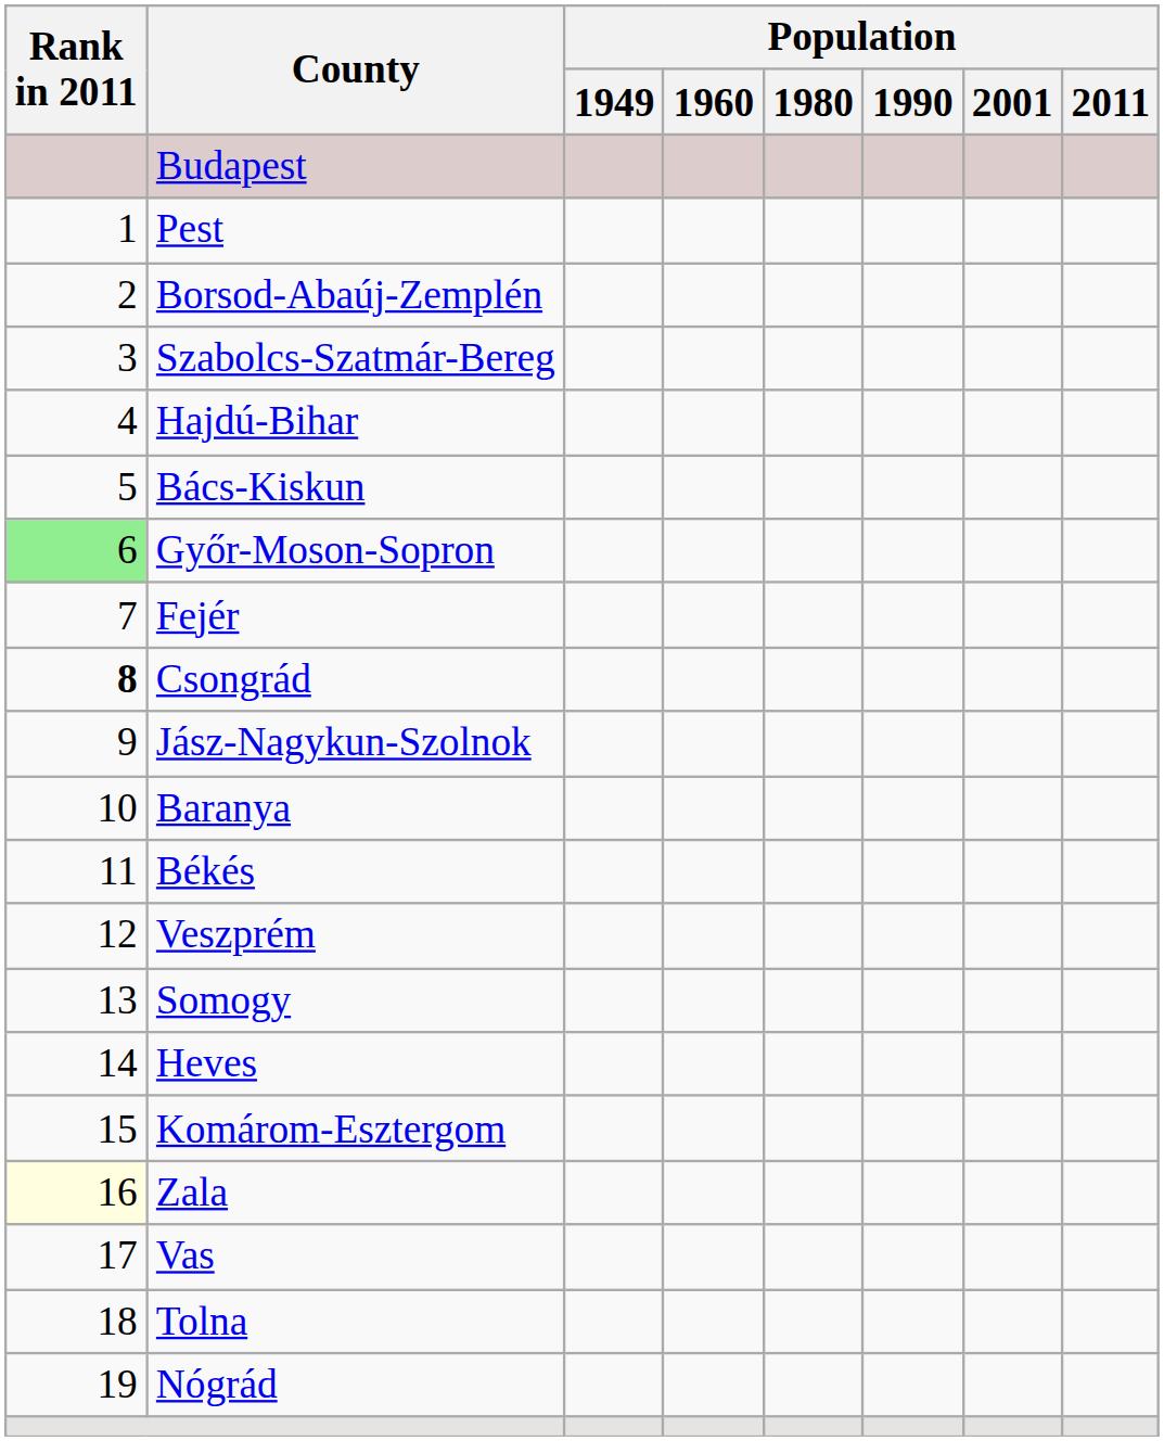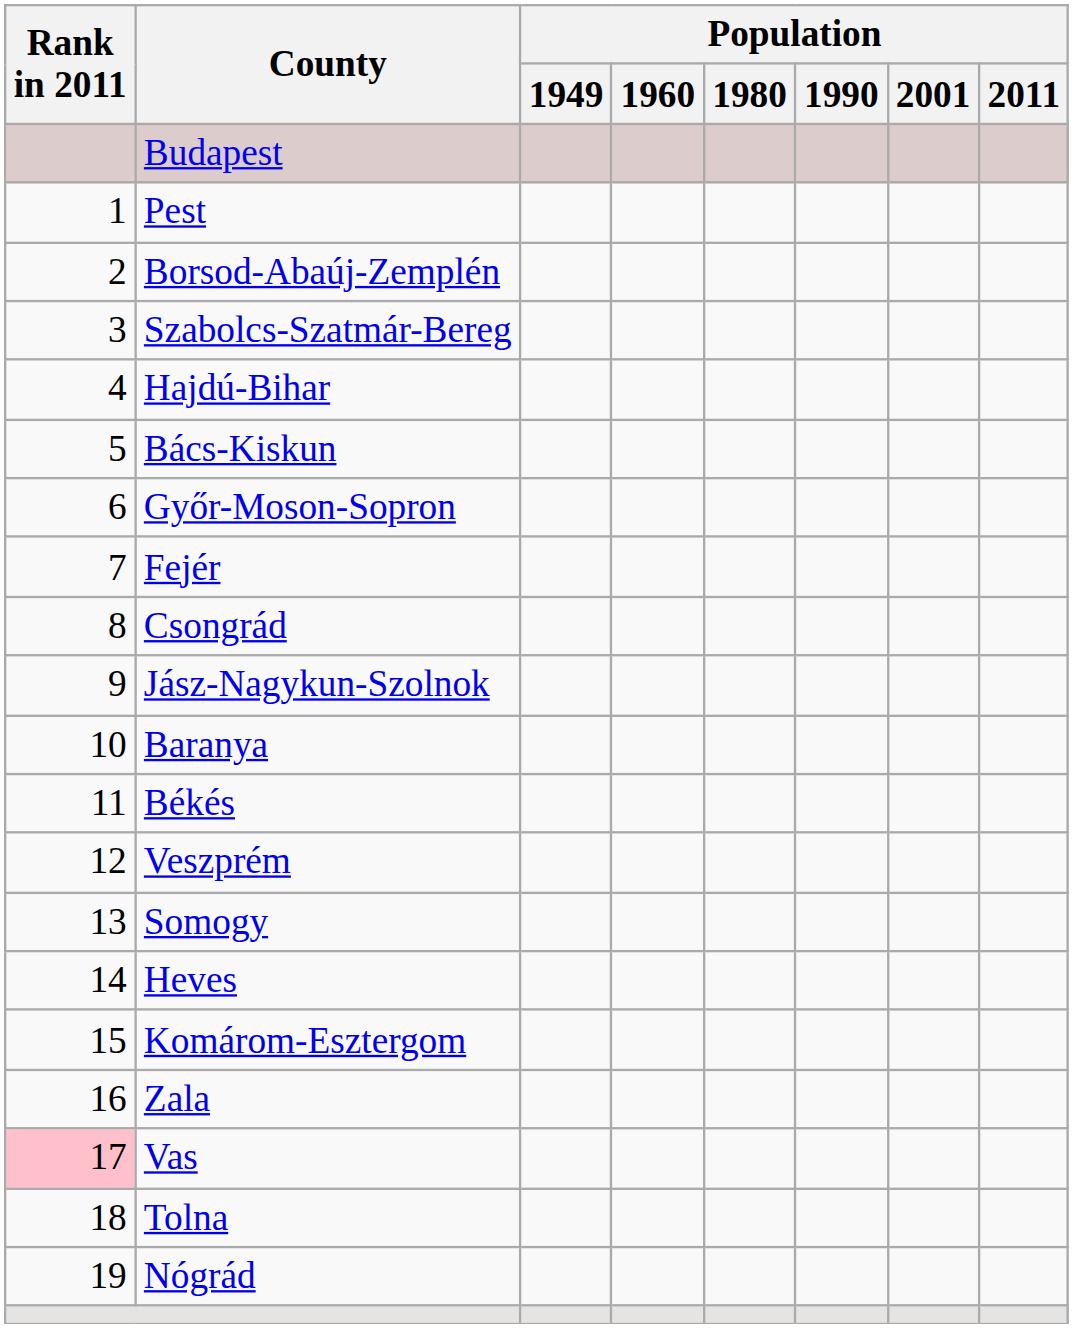 <table class="wikitable sortable">
 <tr>
 <th rowspan=2; align="left" scope="col">Rank<br>in 2011</th>
 <th rowspan=2; scope="col">County</th>
 <th colspan=6; scope="col">Population</th>
 </tr>
 <tr>
 <th>1949</th>
 <th>1960</th>
 <th>1980</th>
 <th>1990</th>
 <th>2001</th>
 <th>2011</th>
 </tr>
 <tr align="right"; style="background:#dcc;">
 <td align="center"></td>
 <td align="left"><a href='#'>Budapest</a></td>
 <td align=right></td>
 <td align=right></td>
 <td align=right><strong></strong></td>
 <td align=right></td>
 <td align=right></td>
 <td align=right> </td>
 </tr>
 <tr align="right">
 <td>1</td>
 <td align="left"><a href='#'>Pest</a></td>
 <td align=right></td>
 <td align=right></td>
 <td align=right></td>
 <td align=right></td>
 <td align=right></td>
 <td align=right><strong></strong> </td>
 </tr>
 <tr align="right">
 <td>2</td>
 <td align="left"><a href='#'>Borsod-Abaúj-Zemplén</a></td>
 <td align=right></td>
 <td align=right></td>
 <td align=right><strong></strong></td>
 <td align=right></td>
 <td align=right></td>
 <td align=right> </td>
 </tr>
 <tr align="right">
 <td>3</td>
 <td align="left"><a href='#'>Szabolcs-Szatmár-Bereg</a></td>
 <td align=right></td>
 <td align=right></td>
 <td align=right><strong></strong></td>
 <td align=right></td>
 <td align=right></td>
 <td align=right> </td>
 </tr>
 <tr align="right">
 <td>4</td>
 <td align="left"><a href='#'>Hajdú-Bihar</a></td>
 <td align=right></td>
 <td align=right></td>
 <td align=right></td>
 <td align=right></td>
 <td align=right><strong></strong></td>
 <td align=right> </td>
 </tr>
 <tr align="right">
 <td>5</td>
 <td align="left"><a href='#'>Bács-Kiskun</a></td>
 <td align=right><strong></strong></td>
 <td align=right></td>
 <td align=right></td>
 <td align=right></td>
 <td align=right></td>
 <td align=right> </td>
 </tr>
 <tr align="right">
-<td style="background: lightgreen;">6</td>
+<td>6</td>
 <td align="left"><a href='#'>Győr-Moson-Sopron</a></td>
 <td align=right></td>
 <td align=right></td>
 <td align=right></td>
 <td align=right></td>
 <td align=right></td>
 <td align=right><strong></strong> </td>
 </tr>
 <tr align="right">
 <td>7</td>
 <td align="left"><a href='#'>Fejér</a></td>
 <td align=right></td>
 <td align=right></td>
 <td align=right></td>
 <td align=right></td>
 <td align=right><strong></strong></td>
 <td align=right> </td>
 </tr>
 <tr align="right">
-<td><strong>8</strong></td>
+<td>8</td>
 <td align="left"><a href='#'>Csongrád</a></td>
 <td align=right></td>
 <td align=right></td>
 <td align=right><strong></strong></td>
 <td align=right></td>
 <td align=right></td>
 <td align=right> </td>
 </tr>
 <tr align="right">
 <td>9</td>
 <td align="left"><a href='#'>Jász-Nagykun-Szolnok</a></td>
 <td align=right></td>
 <td align=right><strong></strong></td>
 <td align=right></td>
 <td align=right></td>
 <td align=right></td>
 <td align=right> </td>
 </tr>
 <tr align="right">
 <td>10</td>
 <td align="left"><a href='#'>Baranya</a></td>
 <td align=right></td>
 <td align=right></td>
 <td align=right><strong></strong></td>
 <td align=right></td>
 <td align=right></td>
 <td align=right> </td>
 </tr>
 <tr align="right">
 <td>11</td>
 <td align="left"><a href='#'>Békés</a></td>
 <td align=right></td>
 <td align=right></td>
 <td align=right></td>
 <td align=right></td>
 <td align=right></td>
 <td align=right> </td>
 </tr>
 <tr align="right">
 <td>12</td>
 <td align="left"><a href='#'>Veszprém</a></td>
 <td align=right></td>
 <td align=right></td>
 <td align=right><strong></strong></td>
 <td align=right></td>
 <td align=right></td>
 <td align=right> </td>
 </tr>
 <tr align="right">
 <td>13</td>
 <td align="left"><a href='#'>Somogy</a></td>
 <td align=right></td>
 <td align=right><strong></strong></td>
 <td align=right></td>
 <td align=right></td>
 <td align=right></td>
 <td align=right> </td>
 </tr>
 <tr align="right">
 <td>14</td>
 <td align="left"><a href='#'>Heves</a></td>
 <td align=right></td>
 <td align=right></td>
 <td align=right><strong></strong></td>
 <td align=right></td>
 <td align=right></td>
 <td align=right> </td>
 </tr>
 <tr align="right">
 <td>15</td>
 <td align="left"><a href='#'>Komárom-Esztergom</a></td>
 <td align=right></td>
 <td align=right></td>
 <td align=right><strong></strong></td>
 <td align=right></td>
 <td align=right></td>
 <td align=right> </td>
 </tr>
 <tr align="right">
-<td style="background: lightyellow;">16</td>
+<td>16</td>
 <td align="left"><a href='#'>Zala</a></td>
 <td align=right></td>
 <td align=right></td>
 <td align=right><strong></strong></td>
 <td align=right></td>
 <td align=right></td>
 <td align=right> </td>
 </tr>
 <tr align="right">
-<td>17</td>
+<td style="background: pink;">17</td>
 <td align="left"><a href='#'>Vas</a></td>
 <td align=right></td>
 <td align=right></td>
 <td align=right></td>
 <td align=right></td>
 <td align=right></td>
 <td align=right> </td>
 </tr>
 <tr align="right">
 <td>18</td>
 <td align="left"><a href='#'>Tolna</a></td>
 <td align=right></td>
 <td align=right></td>
 <td align=right></td>
 <td align=right></td>
 <td align=right></td>
 <td align=right> </td>
 </tr>
 <tr align="right">
 <td>19</td>
 <td align="left"><a href='#'>Nógrád</a></td>
 <td align=right></td>
 <td align=right></td>
 <td align=right><strong></strong></td>
 <td align=right></td>
 <td align=right></td>
 <td align=right> </td>
 </tr>
 <tr bgcolor="E5E4E2">
 <td align=center; colspan="2"><strong></strong></td>
 <td align=right></td>
 <td align=right></td>
 <td align=right><strong></strong></td>
 <td align=right></td>
 <td align=right></td>
 <td align=right> </td>
 </tr>
 </table>
